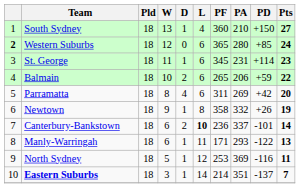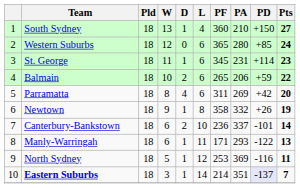 <table class="wikitable" style="text-align:center;">
 <tr>
 <th width=20 abbr="Position"></th>
 <th width=175>Team</th>
 <th width=20 abbr="Played">Pld</th>
 <th width=20 abbr="Won">W</th>
 <th width=20 abbr="Drawn">D</th>
 <th width=20 abbr="Lost">L</th>
 <th width=20 abbr="Points for">PF</th>
 <th width=20 abbr="Points against">PA</th>
 <th width=20 abbr="Points difference">PD</th>
 <th width=20 abbr="Points">Pts</th>
 </tr>
 <tr style="background: #ccffcc;">
 <td>1</td>
 <td style="text-align:left;"> <a href='#'>South Sydney</a></td>
 <td>18</td>
 <td>13</td>
 <td>1</td>
 <td>4</td>
 <td>360</td>
 <td>210</td>
 <td>+150</td>
 <td><strong>27</strong></td>
 </tr>
 <tr style="background: #ccffcc;">
-<td><strong>2</strong></td>
+<td>2</td>
 <td style="text-align:left;"> <a href='#'>Western Suburbs</a></td>
 <td>18</td>
 <td>12</td>
 <td>0</td>
 <td>6</td>
 <td>365</td>
 <td>280</td>
 <td>+85</td>
 <td><strong>24</strong></td>
 </tr>
 <tr style="background: #ccffcc;">
 <td>3</td>
 <td style="text-align:left;"> <a href='#'>St. George</a></td>
 <td>18</td>
 <td>11</td>
 <td>1</td>
 <td>6</td>
 <td>345</td>
 <td>231</td>
 <td>+114</td>
 <td><strong>23</strong></td>
 </tr>
 <tr style="background: #ccffcc;">
 <td>4</td>
 <td style="text-align:left;"> <a href='#'>Balmain</a></td>
 <td>18</td>
 <td>10</td>
 <td>2</td>
 <td>6</td>
 <td>265</td>
 <td>206</td>
 <td>+59</td>
 <td><strong>22</strong></td>
 </tr>
 <tr>
 <td>5</td>
 <td style="text-align:left;"> <a href='#'>Parramatta</a></td>
 <td>18</td>
 <td>8</td>
 <td>4</td>
 <td>6</td>
 <td>311</td>
 <td>269</td>
 <td>+42</td>
 <td><strong>20</strong></td>
 </tr>
 <tr>
 <td>6</td>
 <td style="text-align:left;"> <a href='#'>Newtown</a></td>
 <td>18</td>
 <td>9</td>
 <td>1</td>
 <td>8</td>
 <td>358</td>
 <td>332</td>
 <td>+26</td>
 <td><strong>19</strong></td>
 </tr>
 <tr>
 <td>7</td>
 <td style="text-align:left;"> <a href='#'>Canterbury-Bankstown</a></td>
 <td>18</td>
 <td>6</td>
 <td>2</td>
-<td><strong>10</strong></td>
+<td>10</td>
 <td>236</td>
 <td>337</td>
 <td>-101</td>
 <td><strong>14</strong></td>
 </tr>
 <tr>
 <td>8</td>
 <td style="text-align:left;"> <a href='#'>Manly-Warringah</a></td>
 <td>18</td>
 <td>6</td>
 <td>1</td>
 <td>11</td>
 <td>171</td>
 <td>293</td>
 <td>-122</td>
 <td><strong>13</strong></td>
 </tr>
 <tr>
 <td>9</td>
 <td style="text-align:left;"> <a href='#'>North Sydney</a></td>
 <td>18</td>
 <td>5</td>
 <td>1</td>
 <td>12</td>
 <td>253</td>
 <td>369</td>
 <td>-116</td>
 <td><strong>11</strong></td>
 </tr>
 <tr>
 <td>10</td>
 <td style="text-align:left;"> <strong><a href='#'>Eastern Suburbs</a></strong></td>
 <td>18</td>
 <td>3</td>
 <td>1</td>
 <td>14</td>
 <td>214</td>
 <td>351</td>
-<td>-137</td>
+<td style="background: lavender;">-137</td>
 <td><strong>7</strong></td>
 </tr>
 <tr>
 </tr>
 </table>
